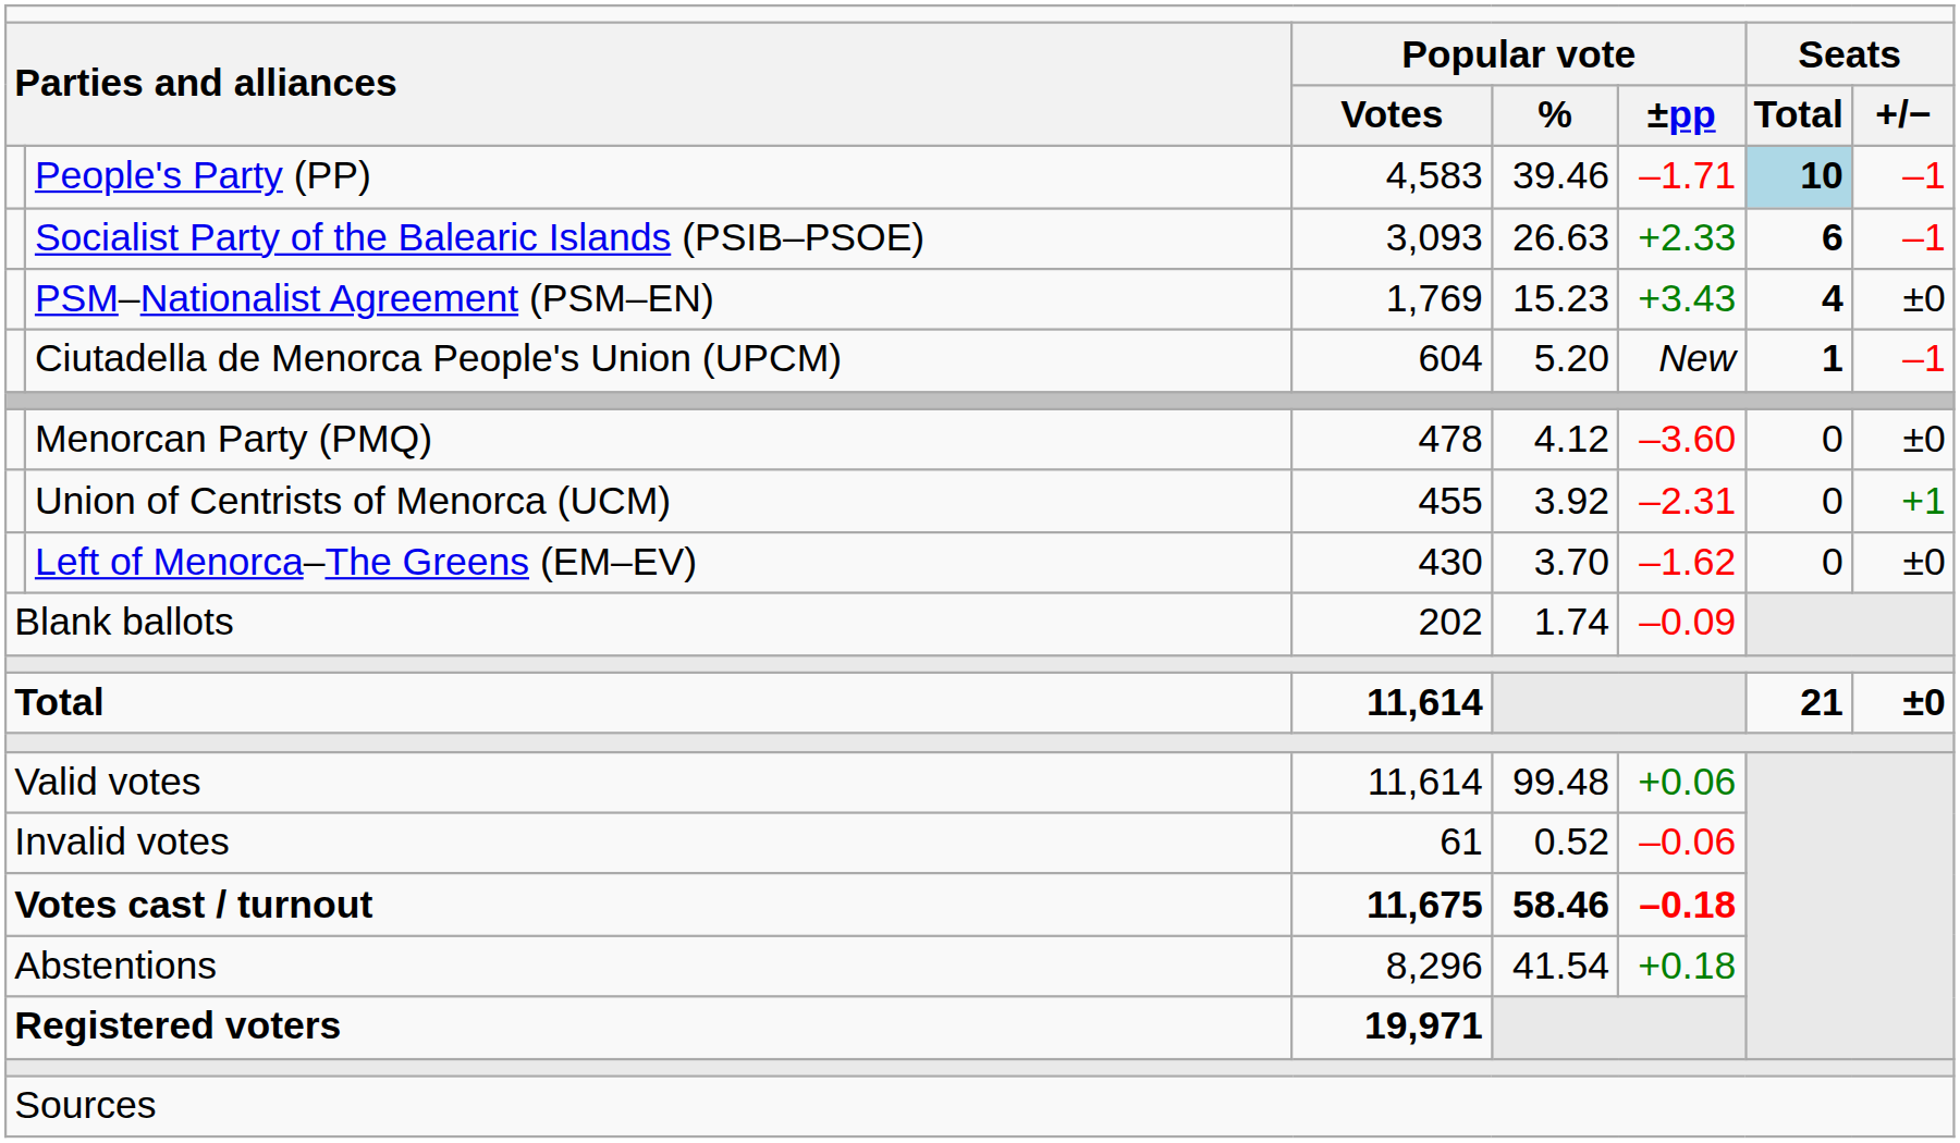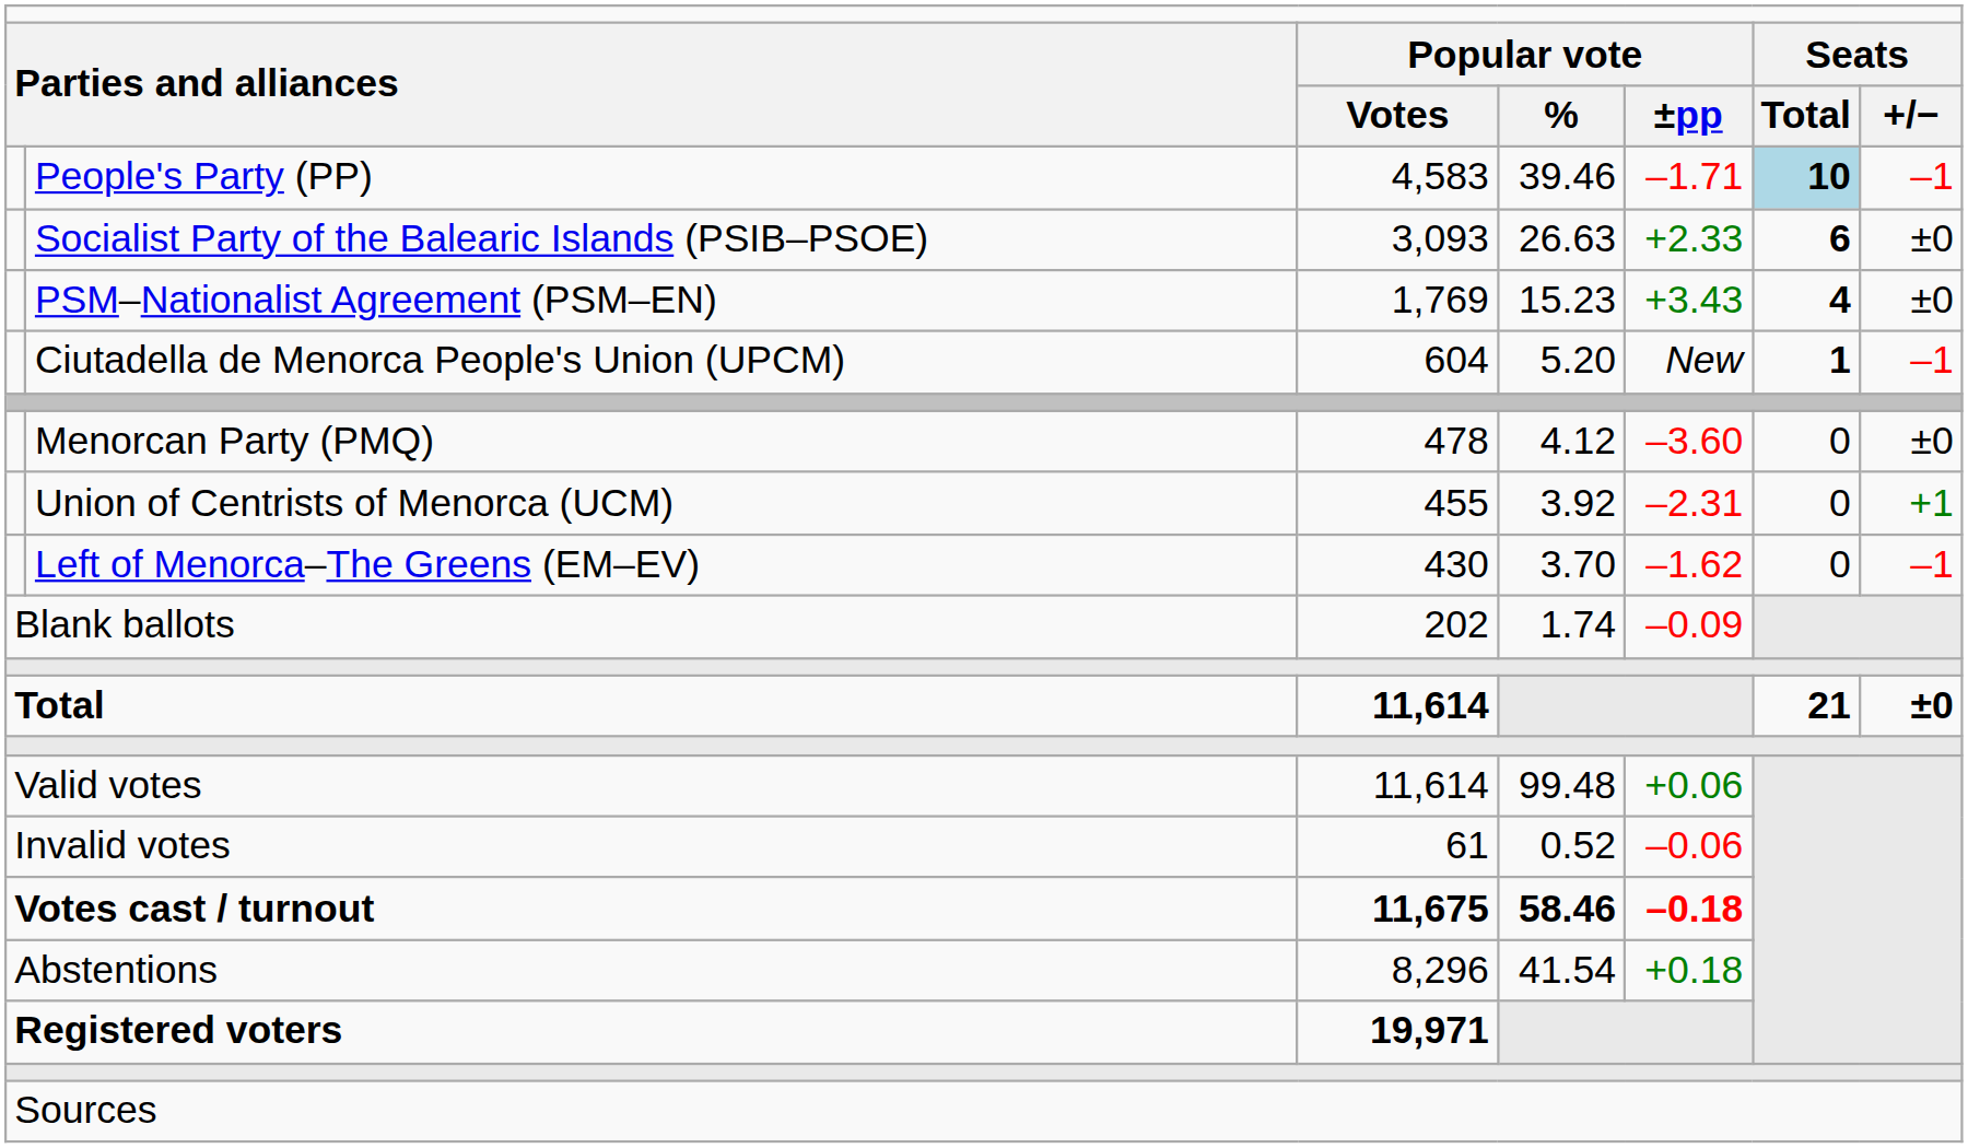 <table class="wikitable" style="text-align:right;">
 <tr>
 <td colspan="7"></td>
 </tr>
 <tr>
 <th style="text-align:left;" rowspan="2" colspan="2" width="525">Parties and alliances</th>
 <th colspan="3">Popular vote</th>
 <th colspan="2">Seats</th>
 </tr>
 <tr>
 <th width="75">Votes</th>
 <th width="45">%</th>
 <th width="45">±<a href='#'>pp</a></th>
 <th width="35">Total</th>
 <th width="35">+/−</th>
 </tr>
 <tr>
 <td width="1" style="color:inherit;background:"></td>
 <td align="left"><a href='#'>People's Party</a> (PP)</td>
 <td>4,583</td>
 <td>39.46</td>
 <td style="color:red;">–1.71</td>
 <td style="background: lightblue;"><strong>10</strong></td>
 <td style="color:red;">–1</td>
 </tr>
 <tr>
 <td style="color:inherit;background:"></td>
 <td align="left"><a href='#'>Socialist Party of the Balearic Islands</a> (PSIB–PSOE)</td>
 <td>3,093</td>
 <td>26.63</td>
 <td style="color:green;">+2.33</td>
 <td><strong>6</strong></td>
-<td style="color:red;">–1</td>
+<td>±0</td>
 </tr>
 <tr>
 <td style="color:inherit;background:"></td>
 <td align="left"><a href='#'>PSM</a>–<a href='#'>Nationalist Agreement</a> (PSM–EN)</td>
 <td>1,769</td>
 <td>15.23</td>
 <td style="color:green;">+3.43</td>
 <td><strong>4</strong></td>
 <td>±0</td>
 </tr>
 <tr>
 <td style="color:inherit;background:"></td>
 <td align="left">Ciutadella de Menorca People's Union (UPCM)</td>
 <td>604</td>
 <td>5.20</td>
 <td><em>New</em></td>
 <td><strong>1</strong></td>
 <td style="color:red;">–1</td>
 </tr>
 <tr>
 <td colspan="7" bgcolor="#C0C0C0"></td>
 </tr>
 <tr>
 <td style="color:inherit;background:"></td>
 <td align="left">Menorcan Party (PMQ)</td>
 <td>478</td>
 <td>4.12</td>
 <td style="color:red;">–3.60</td>
 <td>0</td>
 <td>±0</td>
 </tr>
 <tr>
 <td style="color:inherit;background:"></td>
 <td align="left">Union of Centrists of Menorca (UCM)</td>
 <td>455</td>
 <td>3.92</td>
 <td style="color:red;">–2.31</td>
 <td>0</td>
 <td style="color:green;">+1</td>
 </tr>
 <tr>
 <td style="color:inherit;background:"></td>
 <td align="left"><a href='#'>Left of Menorca</a>–<a href='#'>The Greens</a> (EM–EV)</td>
 <td>430</td>
 <td>3.70</td>
 <td style="color:red;">–1.62</td>
 <td>0</td>
-<td>±0</td>
+<td style="color:red;">–1</td>
 </tr>
 <tr>
 <td align="left" colspan="2">Blank ballots</td>
 <td>202</td>
 <td>1.74</td>
 <td style="color:red;">–0.09</td>
 <td bgcolor="#E9E9E9" colspan="2"></td>
 </tr>
 <tr>
 <td colspan="7" bgcolor="#E9E9E9"></td>
 </tr>
 <tr style="font-weight:bold;">
 <td align="left" colspan="2">Total</td>
 <td>11,614</td>
 <td bgcolor="#E9E9E9" colspan="2"></td>
 <td>21</td>
 <td>±0</td>
 </tr>
 <tr>
 <td colspan="7" bgcolor="#E9E9E9"></td>
 </tr>
 <tr>
 <td align="left" colspan="2">Valid votes</td>
 <td>11,614</td>
 <td>99.48</td>
 <td style="color:green;">+0.06</td>
 <td bgcolor="#E9E9E9" colspan="2" rowspan="5"></td>
 </tr>
 <tr>
 <td align="left" colspan="2">Invalid votes</td>
 <td>61</td>
 <td>0.52</td>
 <td style="color:red;">–0.06</td>
 </tr>
 <tr style="font-weight:bold;">
 <td align="left" colspan="2">Votes cast / turnout</td>
 <td>11,675</td>
 <td>58.46</td>
 <td style="color:red;">–0.18</td>
 </tr>
 <tr>
 <td align="left" colspan="2">Abstentions</td>
 <td>8,296</td>
 <td>41.54</td>
 <td style="color:green;">+0.18</td>
 </tr>
 <tr style="font-weight:bold;">
 <td align="left" colspan="2">Registered voters</td>
 <td>19,971</td>
 <td bgcolor="#E9E9E9" colspan="2"></td>
 </tr>
 <tr>
 <td colspan="7" bgcolor="#E9E9E9"></td>
 </tr>
 <tr>
 <td align="left" colspan="7">Sources</td>
 </tr>
 </table>
